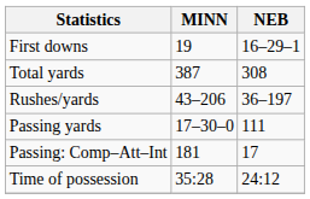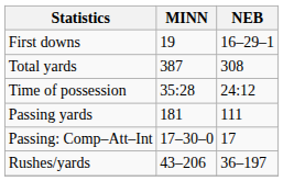 <table class="wikitable" style="float: left;">
 <tr>
 <th>Statistics</th>
 <th>MINN</th>
 <th>NEB</th>
 </tr>
 <tr>
 <td>First downs</td>
 <td>19</td>
 <td>16–29–1</td>
 </tr>
 <tr>
 <td>Total yards</td>
 <td>387</td>
 <td>308</td>
 </tr>
 <tr>
+<td>Time of possession</td>
+<td>35:28</td>
+<td>24:12</td>
+</tr>
+<tr>
+<td>Passing yards</td>
+<td>181</td>
+<td>111</td>
+</tr>
+<tr>
+<td>Passing: Comp–Att–Int</td>
+<td>17–30–0</td>
+<td>17</td>
+</tr>
+<tr>
 <td>Rushes/yards</td>
 <td>43–206</td>
 <td>36–197</td>
 </tr>
 <tr>
-<td>Passing yards</td>
-<td>17–30–0</td>
-<td>111</td>
-</tr>
-<tr>
-<td>Passing: Comp–Att–Int</td>
-<td>181</td>
-<td>17</td>
-</tr>
-<tr>
-<td>Time of possession</td>
-<td>35:28</td>
-<td>24:12</td>
-</tr>
-<tr>
 </tr>
 </table>
